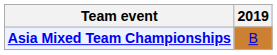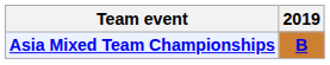 <table class="wikitable" style="font-size: 90%; text-align:center">
 <tr>
 <th>Team event</th>
 <th>2019</th>
 </tr>
 <tr>
 <td bgcolor="#ECF2FF"; align="left"><strong><a href='#'>Asia Mixed Team Championships</a></strong></td>
-<td bgcolor=CD7F32><a href='#'>B</a></td>
+<td bgcolor=CD7F32><strong><a href='#'>B</a></strong></td>
 </tr>
 </table>
